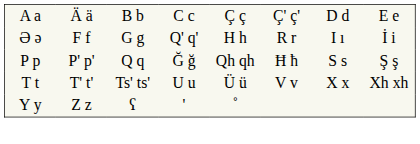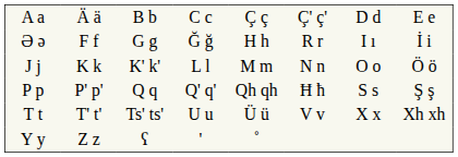 <table style="font-family:Arial Unicode MS; font-size:1.4em; border-color:#000; border-width:1px; border-style:solid; border-collapse:collapse; background:#f8f8ef;">
 <tr>
 <td style="width:3em; text-align:center; padding: 3px;">A a</td>
 <td style="width:3em; text-align:center; padding: 3px;">Ä ä</td>
 <td style="width:3em; text-align:center; padding: 3px;">B b</td>
 <td style="width:3em; text-align:center; padding: 3px;">C c</td>
 <td style="width:3em; text-align:center; padding: 3px;">Ç ç</td>
 <td style="width:3em; text-align:center; padding: 3px;">Ç' ç'</td>
 <td style="width:3em; text-align:center; padding: 3px;">D d</td>
 <td style="width:3em; text-align:center; padding: 3px;">E e</td>
 </tr>
 <tr style="text-align:center;">
 <td style="width:3em; padding: 3px;">Ә ә</td>
 <td style="width:3em; padding: 3px;">F f</td>
 <td style="width:3em; padding: 3px;">G g</td>
-<td style="width:3em; padding: 3px;">Q' q'</td>
+<td style="width:3em; padding: 3px;">Ğ ğ</td>
 <td style="width:3em; padding: 3px;">H h</td>
 <td style="width:3em; padding: 3px;">R r</td>
 <td style="width:3em; padding: 3px;">I ı</td>
 <td style="width:3em; padding: 3px;">İ i</td>
 </tr>
 <tr style="text-align:center;">
+<td style="width:3em; padding: 3px;">J j</td>
+<td style="width:3em; padding: 3px;">K k</td>
+<td style="width:3em; padding: 3px;">K' k'</td>
+<td style="width:3em; padding: 3px;">L l</td>
+<td style="width:3em; padding: 3px;">M m</td>
+<td style="width:3em; padding: 3px;">N n</td>
+<td style="width:3em; padding: 3px;">O o</td>
+<td style="width:3em; padding: 3px;">Ö ö</td>
+</tr>
+<tr style="text-align:center;">
 <td style="width:3em; padding: 3px;">P p</td>
 <td style="width:3em; padding: 3px;">P' p'</td>
 <td style="width:3em; padding: 3px;">Q q</td>
-<td style="width:3em; padding: 3px;">Ğ ğ</td>
+<td style="width:3em; padding: 3px;">Q' q'</td>
 <td style="width:3em; padding: 3px;">Qh qh</td>
 <td style="width:3em; padding: 3px;">Ħ ħ</td>
 <td style="width:3em; padding: 3px;">S s</td>
 <td style="width:3em; padding: 3px;">Ş ş</td>
 </tr>
 <tr style="text-align:center;">
 <td style="width:3em; padding: 3px;">T t</td>
 <td style="width:3em; padding: 3px;">T' t'</td>
 <td style="width:3em; padding: 3px;">Ts' ts'</td>
 <td style="width:3em; padding: 3px;">U u</td>
 <td style="width:3em; padding: 3px;">Ü ü</td>
 <td style="width:3em; padding: 3px;">V v</td>
 <td style="width:3em; padding: 3px;">X x</td>
 <td style="width:3em; padding: 3px;">Xh xh</td>
 </tr>
 <tr style="text-align:center;">
 <td style="width:3em; padding: 3px;">Y y</td>
 <td style="width:3em; padding: 3px;">Z z</td>
 <td style="width:3em; padding: 3px;">ʕ</td>
 <td style="width:3em; padding: 3px;">'</td>
 <td style="width:3em; padding: 3px;">˚</td>
 <td style="width:3em; padding: 3px;"></td>
 <td style="width:3em; padding: 3px;"></td>
 <td style="width:3em; padding: 3px;"></td>
 </tr>
 </table>
